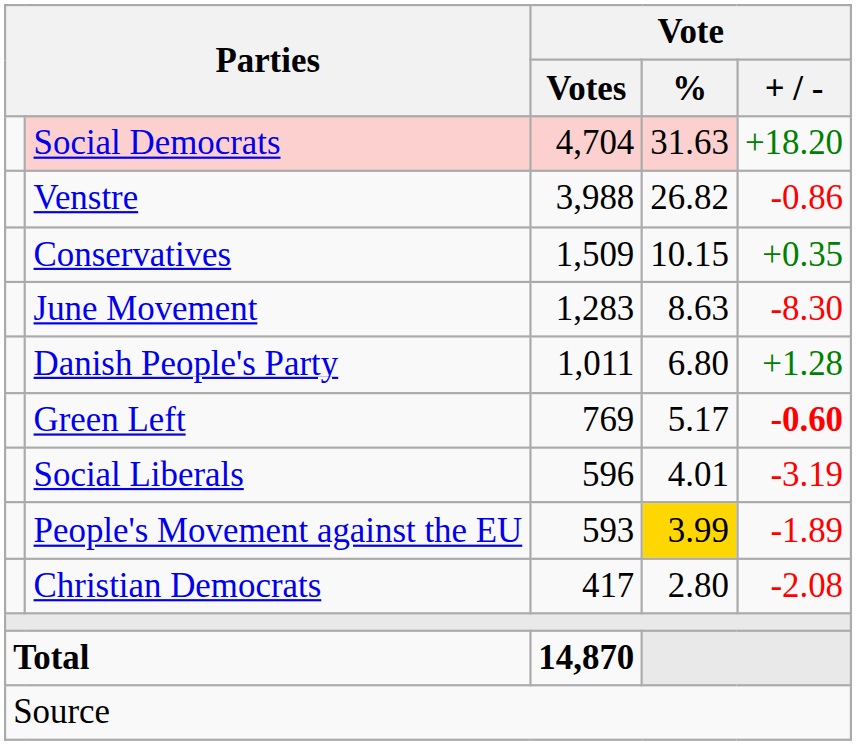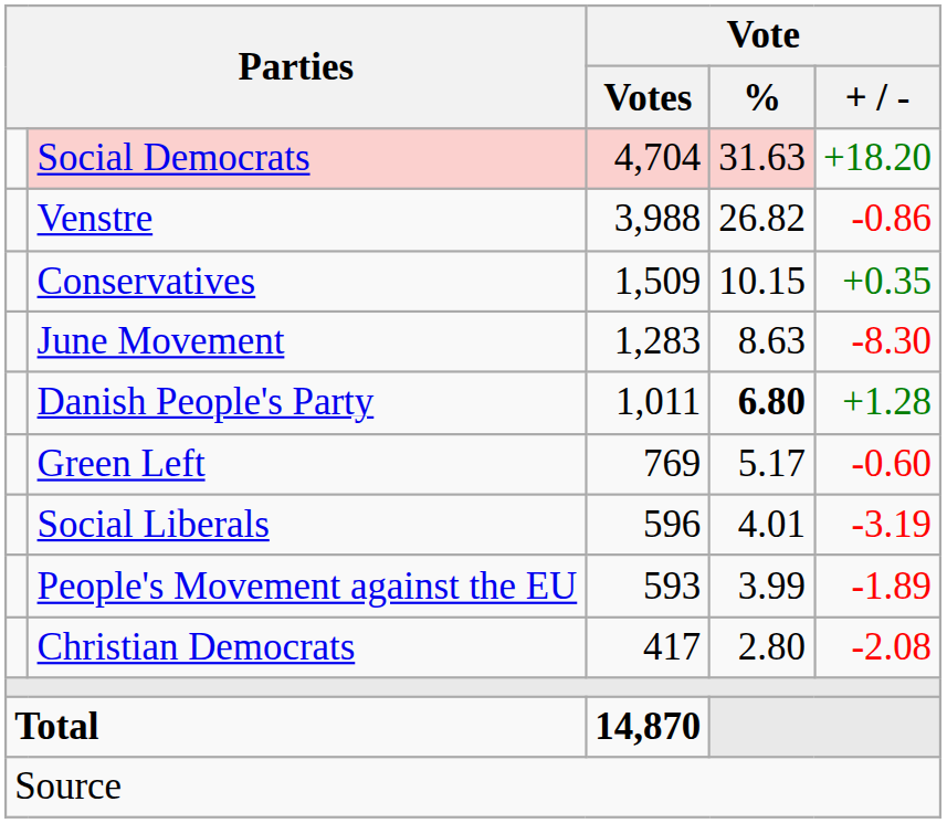 <table class="wikitable" style="text-align:right;">
 <tr>
 <th style="text-align:centre;" rowspan="2" colspan="2" width="225">Parties</th>
 <th colspan="3">Vote</th>
 </tr>
 <tr>
 <th width="15">Votes</th>
 <th width="15">%</th>
 <th width="15">+ / -</th>
 </tr>
 <tr>
 <td width="2" style="color:inherit;background:"></td>
 <td bgcolor=#fbd0ce   align="left"><a href='#'>Social Democrats</a></td>
 <td bgcolor=#fbd0ce>4,704</td>
 <td bgcolor=#fbd0ce>31.63</td>
 <td style=color:green;>+18.20</td>
 </tr>
 <tr>
 <td width="2" style="color:inherit;background:"></td>
 <td align="left"><a href='#'>Venstre</a></td>
 <td>3,988</td>
 <td>26.82</td>
 <td style=color:red;>-0.86</td>
 </tr>
 <tr>
 <td width="2" style="color:inherit;background:"></td>
 <td align="left"><a href='#'>Conservatives</a></td>
 <td>1,509</td>
 <td>10.15</td>
 <td style=color:green;>+0.35</td>
 </tr>
 <tr>
 <td width="2" style="color:inherit;background:"></td>
 <td align="left"><a href='#'>June Movement</a></td>
 <td>1,283</td>
 <td>8.63</td>
 <td style=color:red;>-8.30</td>
 </tr>
 <tr>
 <td width="2" style="color:inherit;background:"></td>
 <td align="left"><a href='#'>Danish People's Party</a></td>
 <td>1,011</td>
-<td>6.80</td>
+<td><strong>6.80</strong></td>
 <td style=color:green;>+1.28</td>
 </tr>
 <tr>
 <td width="2" style="color:inherit;background:"></td>
 <td align="left"><a href='#'>Green Left</a></td>
 <td>769</td>
 <td>5.17</td>
-<td style=color:red;><strong>-0.60</strong></td>
+<td style=color:red;>-0.60</td>
 </tr>
 <tr>
 <td width="2" style="color:inherit;background:"></td>
 <td align="left"><a href='#'>Social Liberals</a></td>
 <td>596</td>
 <td>4.01</td>
 <td style=color:red;>-3.19</td>
 </tr>
 <tr>
 <td width="2" style="color:inherit;background:"></td>
 <td align="left"><a href='#'>People's Movement against the EU</a></td>
 <td>593</td>
-<td style="background: gold;">3.99</td>
+<td>3.99</td>
 <td style=color:red;>-1.89</td>
 </tr>
 <tr>
 <td width="2" style="color:inherit;background:"></td>
 <td align="left"><a href='#'>Christian Democrats</a></td>
 <td>417</td>
 <td>2.80</td>
 <td style=color:red;>-2.08</td>
 </tr>
 <tr>
 <td colspan="7" bgcolor="#E9E9E9"></td>
 </tr>
 <tr>
 <td align="left" colspan="2"><strong>Total</strong></td>
 <td><strong>14,870</strong></td>
 <td bgcolor="#E9E9E9" colspan="2"></td>
 </tr>
 <tr>
 <td align="left" colspan="6">Source</td>
 </tr>
 </table>
